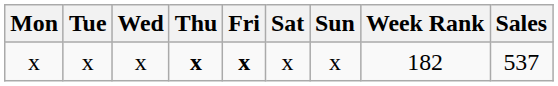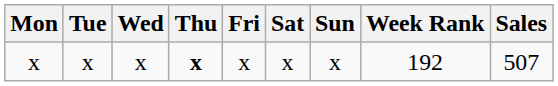 <table class="wikitable">
 <tr>
 <th>Mon</th>
 <th>Tue</th>
 <th>Wed</th>
 <th>Thu</th>
 <th>Fri</th>
 <th>Sat</th>
 <th>Sun</th>
 <th>Week Rank</th>
 <th>Sales</th>
 </tr>
 <tr align="center">
 <td>x</td>
 <td>x</td>
 <td>x</td>
 <td><strong>x</strong></td>
-<td><strong>x</strong></td>
 <td>x</td>
 <td>x</td>
-<td>182</td>
-<td>537</td>
+<td>x</td>
+<td>192</td>
+<td>507</td>
 </tr>
 </table>
